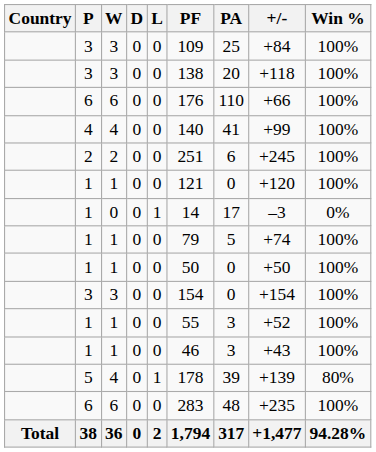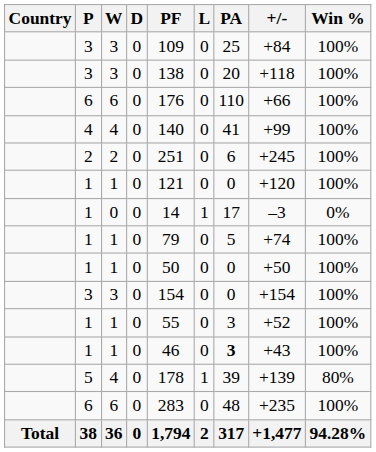 <table class="wikitable sortable" style="text-align:center">
 <tr>
 <th>Country</th>
 <th>P</th>
 <th>W</th>
 <th>D</th>
+<th>PF</th>
 <th>L</th>
-<th>PF</th>
 <th>PA</th>
 <th>+/-</th>
 <th>Win %</th>
 </tr>
 <tr>
 <td align="left"></td>
 <td>3</td>
 <td>3</td>
 <td>0</td>
+<td>109</td>
 <td>0</td>
-<td>109</td>
 <td>25</td>
 <td>+84</td>
 <td>100%</td>
 </tr>
 <tr>
 <td align="left"></td>
 <td>3</td>
 <td>3</td>
 <td>0</td>
+<td>138</td>
 <td>0</td>
-<td>138</td>
 <td>20</td>
 <td>+118</td>
 <td>100%</td>
 </tr>
 <tr>
 <td align="left"></td>
 <td>6</td>
 <td>6</td>
 <td>0</td>
+<td>176</td>
 <td>0</td>
-<td>176</td>
 <td>110</td>
 <td>+66</td>
 <td>100%</td>
 </tr>
 <tr>
 <td align="left"></td>
 <td>4</td>
 <td>4</td>
 <td>0</td>
+<td>140</td>
 <td>0</td>
-<td>140</td>
 <td>41</td>
 <td>+99</td>
 <td>100%</td>
 </tr>
 <tr>
 <td align="left"></td>
 <td>2</td>
 <td>2</td>
 <td>0</td>
+<td>251</td>
 <td>0</td>
-<td>251</td>
 <td>6</td>
 <td>+245</td>
 <td>100%</td>
 </tr>
 <tr>
 <td align="left"></td>
 <td>1</td>
 <td>1</td>
 <td>0</td>
+<td>121</td>
 <td>0</td>
-<td>121</td>
 <td>0</td>
 <td>+120</td>
 <td>100%</td>
 </tr>
 <tr>
 <td align="left"></td>
 <td>1</td>
 <td>0</td>
 <td>0</td>
+<td>14</td>
 <td>1</td>
-<td>14</td>
 <td>17</td>
 <td>–3</td>
 <td>0%</td>
 </tr>
 <tr>
 <td align="left"></td>
 <td>1</td>
 <td>1</td>
 <td>0</td>
+<td>79</td>
 <td>0</td>
-<td>79</td>
 <td>5</td>
 <td>+74</td>
 <td>100%</td>
 </tr>
 <tr>
 <td align="left"></td>
 <td>1</td>
 <td>1</td>
 <td>0</td>
+<td>50</td>
 <td>0</td>
-<td>50</td>
 <td>0</td>
 <td>+50</td>
 <td>100%</td>
 </tr>
 <tr>
 <td align="left"></td>
 <td>3</td>
 <td>3</td>
 <td>0</td>
+<td>154</td>
 <td>0</td>
-<td>154</td>
 <td>0</td>
 <td>+154</td>
 <td>100%</td>
 </tr>
 <tr>
 <td align="left"></td>
 <td>1</td>
 <td>1</td>
 <td>0</td>
+<td>55</td>
 <td>0</td>
-<td>55</td>
 <td>3</td>
 <td>+52</td>
 <td>100%</td>
 </tr>
 <tr>
 <td align="left"></td>
 <td>1</td>
 <td>1</td>
 <td>0</td>
+<td>46</td>
 <td>0</td>
-<td>46</td>
-<td>3</td>
+<td><strong>3</strong></td>
 <td>+43</td>
 <td>100%</td>
 </tr>
 <tr>
 <td align="left"></td>
 <td>5</td>
 <td>4</td>
 <td>0</td>
+<td>178</td>
 <td>1</td>
-<td>178</td>
 <td>39</td>
 <td>+139</td>
 <td>80%</td>
 </tr>
 <tr>
 <td align="left"></td>
 <td>6</td>
 <td>6</td>
 <td>0</td>
+<td>283</td>
 <td>0</td>
-<td>283</td>
 <td>48</td>
 <td>+235</td>
 <td>100%</td>
 </tr>
 <tr>
 <th>Total</th>
 <th>38</th>
 <th>36</th>
 <th>0</th>
+<th>1,794</th>
 <th>2</th>
-<th>1,794</th>
 <th>317</th>
 <th>+1,477</th>
 <th>94.28%</th>
 </tr>
 </table>
